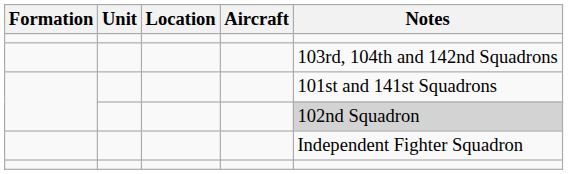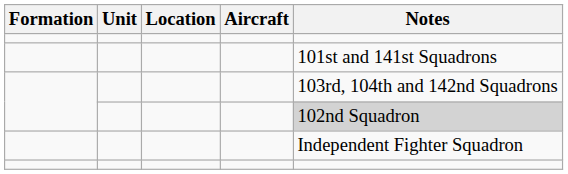 <table class="wikitable">
 <tr>
 <th scope="col">Formation</th>
 <th scope="col">Unit</th>
 <th scope="col">Location</th>
 <th scope="col">Aircraft</th>
 <th scope="col">Notes</th>
 </tr>
 <tr>
 <td rowspan=1></td>
 <td></td>
 <td></td>
 <td></td>
 <td></td>
 </tr>
 <tr>
 <td rowspan=1></td>
 <td></td>
 <td></td>
 <td></td>
-<td>103rd, 104th and 142nd Squadrons</td>
+<td>101st and 141st Squadrons</td>
 </tr>
 <tr>
 <td rowspan=2></td>
 <td></td>
 <td></td>
 <td></td>
-<td>101st and 141st Squadrons</td>
+<td>103rd, 104th and 142nd Squadrons</td>
 </tr>
 <tr>
 <td></td>
 <td></td>
 <td></td>
 <td style="background: lightgrey;">102nd Squadron</td>
 </tr>
 <tr>
 <td rowspan=1></td>
 <td></td>
 <td></td>
 <td></td>
 <td>Independent Fighter Squadron</td>
 </tr>
 <tr>
 <td rowspan=1></td>
 <td></td>
 <td></td>
 <td></td>
 <td></td>
 </tr>
 </table>
